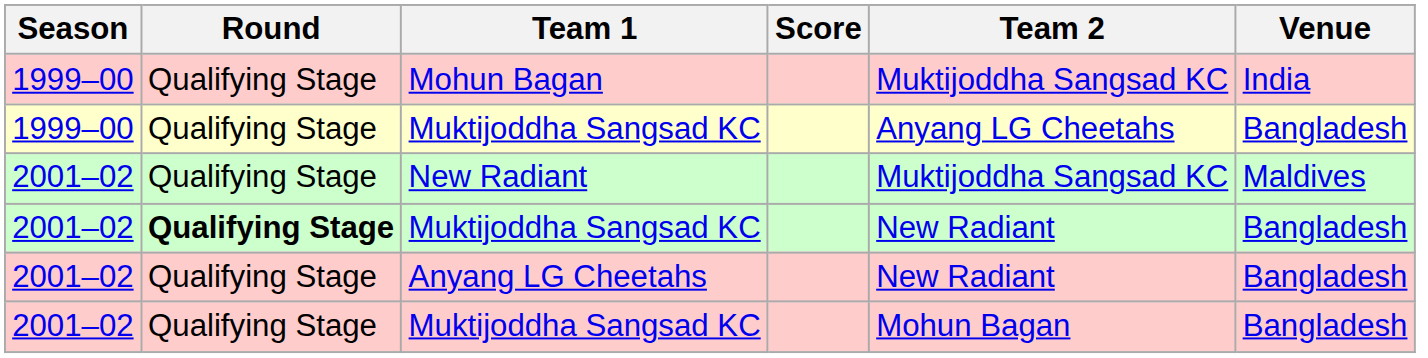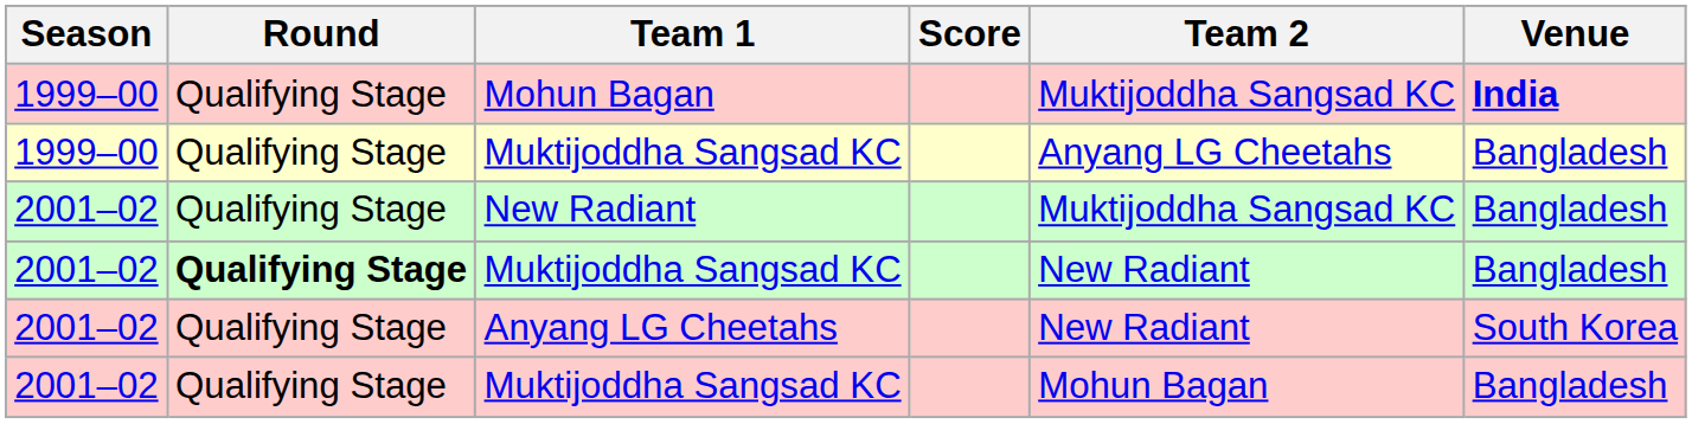 <table class="wikitable">
 <tr>
 <th>Season</th>
 <th>Round</th>
 <th>Team 1</th>
 <th>Score</th>
 <th>Team 2</th>
 <th>Venue</th>
 </tr>
 <tr style="background:#FFCCCC;">
 <td><a href='#'>1999–00</a></td>
 <td>Qualifying Stage</td>
 <td> <a href='#'>Mohun Bagan</a></td>
 <td></td>
 <td> <a href='#'>Muktijoddha Sangsad KC</a></td>
-<td><a href='#'>India</a></td>
+<td><strong><a href='#'>India</a></strong></td>
 </tr>
 <tr style="background:#FFFFCC;">
 <td><a href='#'>1999–00</a></td>
 <td>Qualifying Stage</td>
 <td> <a href='#'>Muktijoddha Sangsad KC</a></td>
 <td></td>
 <td> <a href='#'>Anyang LG Cheetahs</a></td>
 <td><a href='#'>Bangladesh</a></td>
 </tr>
 <tr style="background:#CCFFCC;">
 <td><a href='#'>2001–02</a></td>
 <td>Qualifying Stage</td>
 <td> <a href='#'>New Radiant</a></td>
 <td></td>
 <td> <a href='#'>Muktijoddha Sangsad KC</a></td>
-<td><a href='#'>Maldives</a></td>
+<td><a href='#'>Bangladesh</a></td>
 </tr>
 <tr style="background:#CCFFCC;">
 <td><a href='#'>2001–02</a></td>
 <td><strong>Qualifying Stage</strong></td>
 <td> <a href='#'>Muktijoddha Sangsad KC</a></td>
 <td></td>
 <td> <a href='#'>New Radiant</a></td>
 <td><a href='#'>Bangladesh</a></td>
 </tr>
 <tr style="background:#FFCCCC;">
 <td><a href='#'>2001–02</a></td>
 <td>Qualifying Stage</td>
 <td> <a href='#'>Anyang LG Cheetahs</a></td>
 <td></td>
 <td> <a href='#'>New Radiant</a></td>
-<td><a href='#'>Bangladesh</a></td>
+<td><a href='#'>South Korea</a></td>
 </tr>
 <tr style="background:#FFCCCC;">
 <td><a href='#'>2001–02</a></td>
 <td>Qualifying Stage</td>
 <td> <a href='#'>Muktijoddha Sangsad KC</a></td>
 <td></td>
 <td> <a href='#'>Mohun Bagan</a></td>
 <td><a href='#'>Bangladesh</a></td>
 </tr>
 </table>
